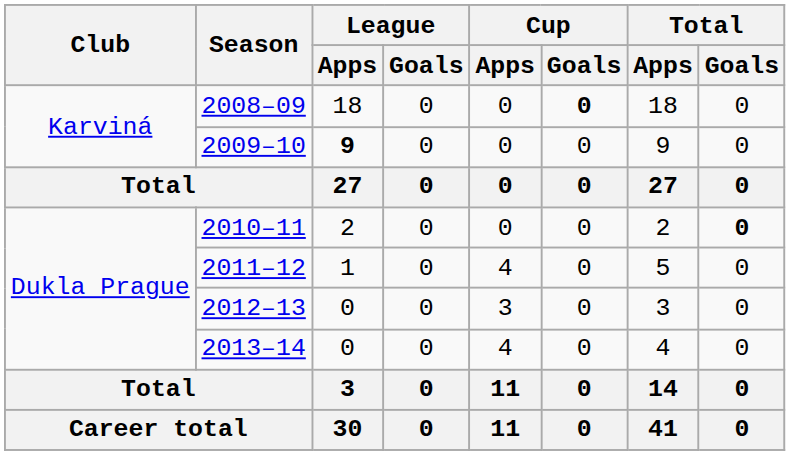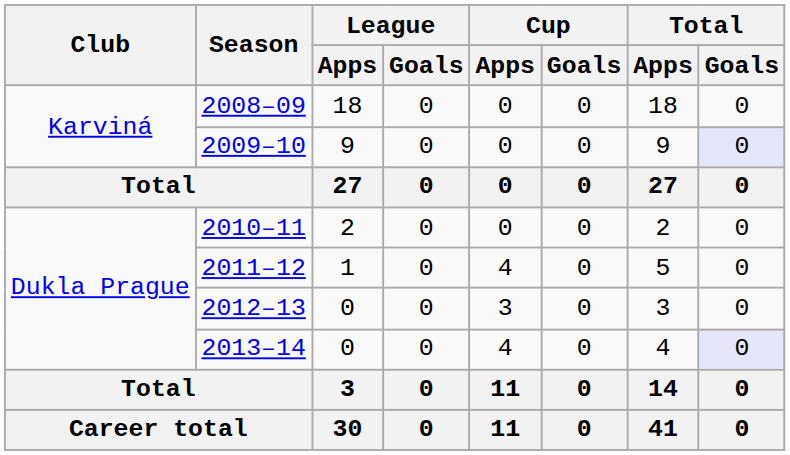 <table class="wikitable" style="text-align:center">
 <tr>
 <th rowspan="2">Club</th>
 <th rowspan="2">Season</th>
 <th colspan="2">League</th>
 <th colspan="2">Cup</th>
 <th colspan="2">Total</th>
 </tr>
 <tr>
 <th>Apps</th>
 <th>Goals</th>
 <th>Apps</th>
 <th>Goals</th>
 <th>Apps</th>
 <th>Goals</th>
 </tr>
 <tr>
 <td rowspan="2"><a href='#'>Karviná</a></td>
 <td><a href='#'>2008–09</a></td>
 <td>18</td>
 <td>0</td>
 <td>0</td>
-<td><strong>0</strong></td>
+<td>0</td>
 <td>18</td>
 <td>0</td>
 </tr>
 <tr>
 <td><a href='#'>2009–10</a></td>
-<td><strong>9</strong></td>
+<td>9</td>
 <td>0</td>
 <td>0</td>
 <td>0</td>
 <td>9</td>
-<td>0</td>
+<td style="background: lavender;">0</td>
 </tr>
 <tr>
 <th colspan="2">Total</th>
 <th>27</th>
 <th>0</th>
 <th>0</th>
 <th>0</th>
 <th>27</th>
 <th>0</th>
 </tr>
 <tr>
 <td rowspan="4"><a href='#'>Dukla Prague</a></td>
 <td><a href='#'>2010–11</a></td>
 <td>2</td>
 <td>0</td>
 <td>0</td>
 <td>0</td>
 <td>2</td>
-<td><strong>0</strong></td>
+<td>0</td>
 </tr>
 <tr>
 <td><a href='#'>2011–12</a></td>
 <td>1</td>
 <td>0</td>
 <td>4</td>
 <td>0</td>
 <td>5</td>
 <td>0</td>
 </tr>
 <tr>
 <td><a href='#'>2012–13</a></td>
 <td>0</td>
 <td>0</td>
 <td>3</td>
 <td>0</td>
 <td>3</td>
 <td>0</td>
 </tr>
 <tr>
 <td><a href='#'>2013–14</a></td>
 <td>0</td>
 <td>0</td>
 <td>4</td>
 <td>0</td>
 <td>4</td>
-<td>0</td>
+<td style="background: lavender;">0</td>
 </tr>
 <tr>
 <th colspan="2">Total</th>
 <th>3</th>
 <th>0</th>
 <th>11</th>
 <th>0</th>
 <th>14</th>
 <th>0</th>
 </tr>
 <tr>
 <th colspan="2">Career total</th>
 <th>30</th>
 <th>0</th>
 <th>11</th>
 <th>0</th>
 <th>41</th>
 <th>0</th>
 </tr>
 </table>
